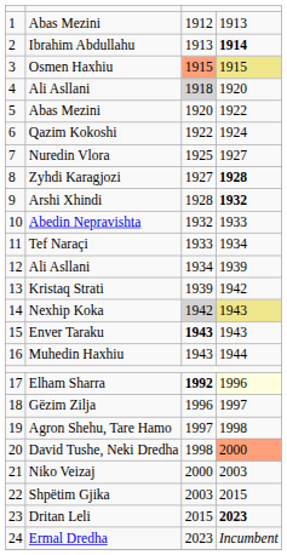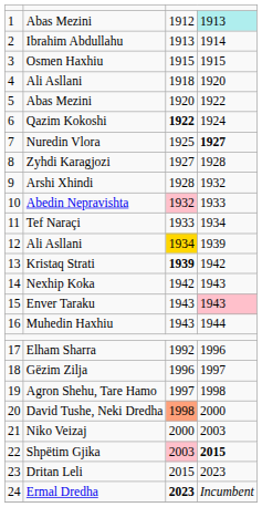 <table class="wikitable sortable">
 <tr>
 <td><strong></strong></td>
 <td><strong></strong></td>
 <td colspan="2"><strong></strong></td>
 </tr>
 <tr>
 <td>1</td>
 <td>Abas Mezini</td>
 <td>1912</td>
-<td>1913</td>
+<td style="background: paleturquoise;">1913</td>
 </tr>
 <tr>
 <td>2</td>
 <td>Ibrahim Abdullahu</td>
 <td>1913</td>
-<td><strong>1914</strong></td>
+<td>1914</td>
 </tr>
 <tr>
 <td>3</td>
 <td>Osmen Haxhiu</td>
-<td style="background: lightsalmon;">1915</td>
-<td style="background: khaki;">1915</td>
+<td>1915</td>
+<td>1915</td>
 </tr>
 <tr>
 <td>4</td>
 <td>Ali Asllani</td>
-<td style="background: lightgrey;">1918</td>
+<td>1918</td>
 <td>1920</td>
 </tr>
 <tr>
 <td>5</td>
 <td>Abas Mezini</td>
 <td>1920</td>
 <td>1922</td>
 </tr>
 <tr>
 <td>6</td>
 <td>Qazim Kokoshi</td>
-<td>1922</td>
+<td><strong>1922</strong></td>
 <td>1924</td>
 </tr>
 <tr>
 <td>7</td>
 <td>Nuredin Vlora</td>
 <td>1925</td>
-<td>1927</td>
+<td><strong>1927</strong></td>
 </tr>
 <tr>
 <td>8</td>
 <td>Zyhdi Karagjozi</td>
 <td>1927</td>
-<td><strong>1928</strong></td>
+<td>1928</td>
 </tr>
 <tr>
 <td>9</td>
 <td>Arshi Xhindi</td>
 <td>1928</td>
-<td><strong>1932</strong></td>
+<td>1932</td>
 </tr>
 <tr>
 <td>10</td>
 <td><a href='#'>Abedin Nepravishta</a></td>
-<td>1932</td>
+<td style="background: pink;">1932</td>
 <td>1933</td>
 </tr>
 <tr>
 <td>11</td>
 <td>Tef Naraçi</td>
 <td>1933</td>
 <td>1934</td>
 </tr>
 <tr>
 <td>12</td>
 <td>Ali Asllani</td>
-<td>1934</td>
+<td style="background: gold;">1934</td>
 <td>1939</td>
 </tr>
 <tr>
 <td>13</td>
 <td>Kristaq Strati</td>
-<td>1939</td>
+<td><strong>1939</strong></td>
 <td>1942</td>
 </tr>
 <tr>
 <td>14</td>
 <td>Nexhip Koka</td>
-<td style="background: lightgrey;">1942</td>
-<td style="background: khaki;">1943</td>
+<td>1942</td>
+<td>1943</td>
 </tr>
 <tr>
 <td>15</td>
 <td>Enver Taraku</td>
-<td><strong>1943</strong></td>
 <td>1943</td>
+<td style="background: pink;">1943</td>
 </tr>
 <tr>
 <td>16</td>
 <td>Muhedin Haxhiu</td>
 <td>1943</td>
 <td>1944</td>
 </tr>
 <tr>
 <td colspan="8" align=center></td>
 </tr>
 <tr>
 <td>17</td>
 <td>Elham Sharra</td>
-<td><strong>1992</strong></td>
-<td style="background: lightyellow;">1996</td>
+<td>1992</td>
+<td>1996</td>
 </tr>
 <tr>
 <td>18</td>
 <td>Gëzim Zilja</td>
 <td>1996</td>
 <td>1997</td>
 </tr>
 <tr>
 <td>19</td>
 <td>Agron Shehu, Tare Hamo</td>
 <td>1997</td>
 <td>1998</td>
 </tr>
 <tr>
 <td>20</td>
 <td>David Tushe, Neki Dredha</td>
-<td>1998</td>
-<td style="background: lightsalmon;">2000</td>
+<td style="background: lightsalmon;">1998</td>
+<td>2000</td>
 </tr>
 <tr>
 <td>21</td>
 <td>Niko Veizaj</td>
 <td>2000</td>
 <td>2003</td>
 </tr>
 <tr>
 <td>22</td>
 <td>Shpëtim Gjika</td>
-<td>2003</td>
-<td>2015</td>
+<td style="background: pink;">2003</td>
+<td><strong>2015</strong></td>
 </tr>
 <tr>
 <td>23</td>
 <td>Dritan Leli</td>
 <td>2015</td>
-<td><strong>2023</strong></td>
+<td>2023</td>
 </tr>
 <tr>
 <td>24</td>
 <td><a href='#'>Ermal Dredha</a></td>
-<td>2023</td>
+<td><strong>2023</strong></td>
 <td><em>Incumbent</em></td>
 </tr>
 <tr>
 </tr>
 </table>
